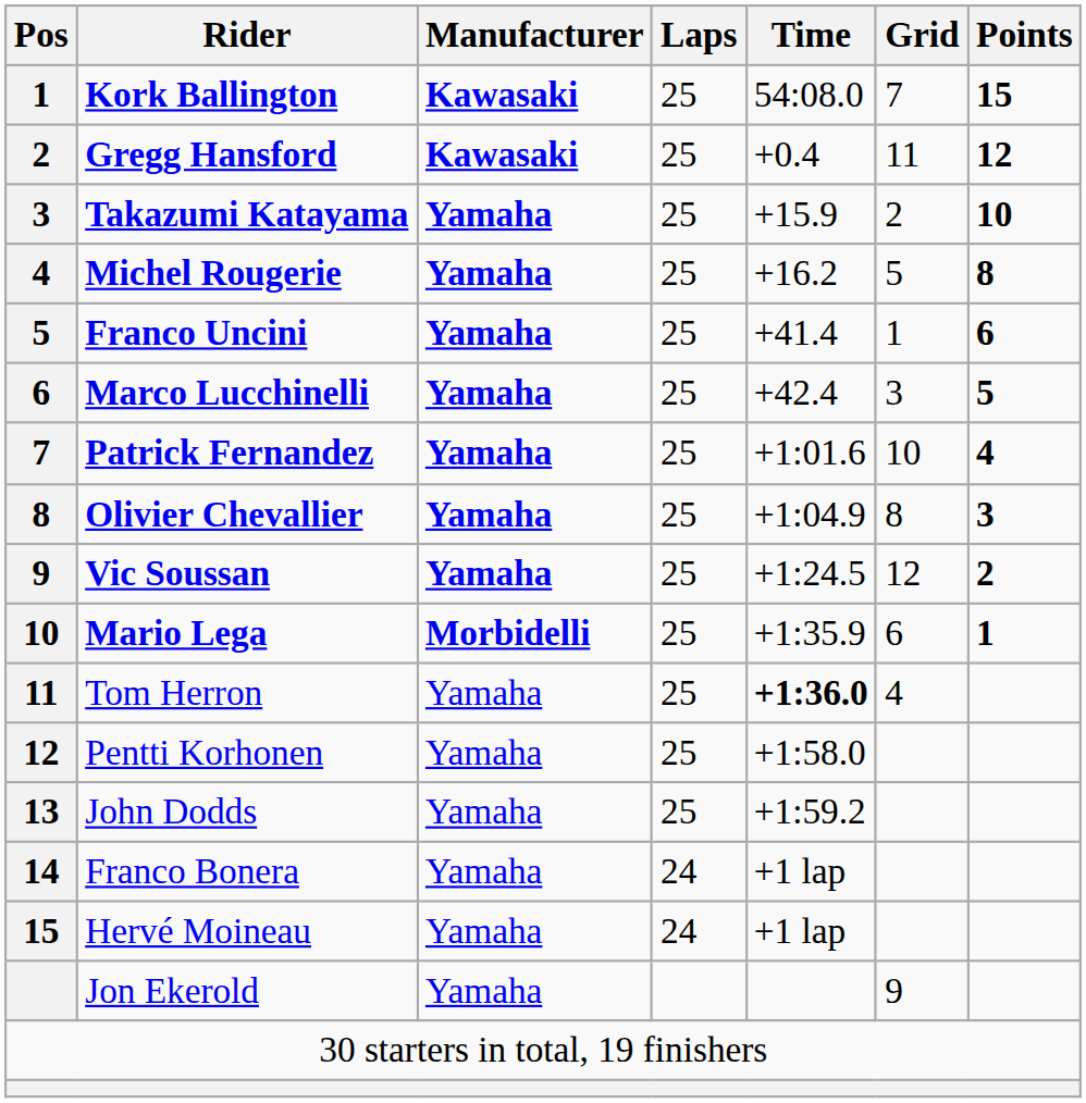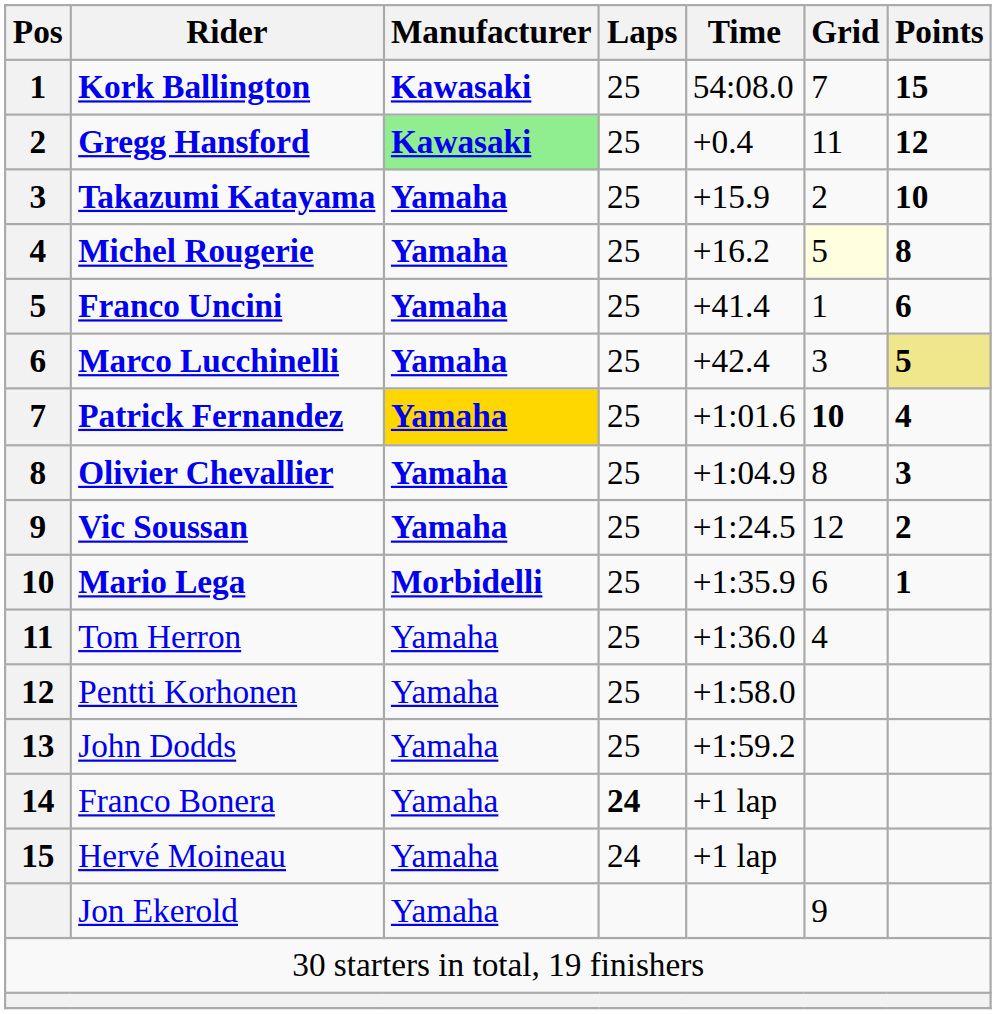 <table class="wikitable" style="font-size: 95%;">
 <tr>
 <th>Pos</th>
 <th>Rider</th>
 <th>Manufacturer</th>
 <th>Laps</th>
 <th>Time</th>
 <th>Grid</th>
 <th>Points</th>
 </tr>
 <tr>
 <th>1</th>
 <td> <strong><a href='#'>Kork Ballington</a></strong></td>
 <td><strong><a href='#'>Kawasaki</a></strong></td>
 <td>25</td>
 <td>54:08.0</td>
 <td>7</td>
 <td><strong>15</strong></td>
 </tr>
 <tr>
 <th>2</th>
 <td> <strong><a href='#'>Gregg Hansford</a></strong></td>
-<td><strong><a href='#'>Kawasaki</a></strong></td>
+<td style="background: lightgreen;"><strong><a href='#'>Kawasaki</a></strong></td>
 <td>25</td>
 <td>+0.4</td>
 <td>11</td>
 <td><strong>12</strong></td>
 </tr>
 <tr>
 <th>3</th>
 <td> <strong><a href='#'>Takazumi Katayama</a></strong></td>
 <td><strong><a href='#'>Yamaha</a></strong></td>
 <td>25</td>
 <td>+15.9</td>
 <td>2</td>
 <td><strong>10</strong></td>
 </tr>
 <tr>
 <th>4</th>
 <td> <strong><a href='#'>Michel Rougerie</a></strong></td>
 <td><strong><a href='#'>Yamaha</a></strong></td>
 <td>25</td>
 <td>+16.2</td>
-<td>5</td>
+<td style="background: lightyellow;">5</td>
 <td><strong>8</strong></td>
 </tr>
 <tr>
 <th>5</th>
 <td> <strong><a href='#'>Franco Uncini</a></strong></td>
 <td><strong><a href='#'>Yamaha</a></strong></td>
 <td>25</td>
 <td>+41.4</td>
 <td>1</td>
 <td><strong>6</strong></td>
 </tr>
 <tr>
 <th>6</th>
 <td> <strong><a href='#'>Marco Lucchinelli</a></strong></td>
 <td><strong><a href='#'>Yamaha</a></strong></td>
 <td>25</td>
 <td>+42.4</td>
 <td>3</td>
-<td><strong>5</strong></td>
+<td style="background: khaki;"><strong>5</strong></td>
 </tr>
 <tr>
 <th>7</th>
 <td> <strong><a href='#'>Patrick Fernandez</a></strong></td>
-<td><strong><a href='#'>Yamaha</a></strong></td>
+<td style="background: gold;"><strong><a href='#'>Yamaha</a></strong></td>
 <td>25</td>
 <td>+1:01.6</td>
-<td>10</td>
+<td><strong>10</strong></td>
 <td><strong>4</strong></td>
 </tr>
 <tr>
 <th>8</th>
 <td> <strong><a href='#'>Olivier Chevallier</a></strong></td>
 <td><strong><a href='#'>Yamaha</a></strong></td>
 <td>25</td>
 <td>+1:04.9</td>
 <td>8</td>
 <td><strong>3</strong></td>
 </tr>
 <tr>
 <th>9</th>
 <td> <strong><a href='#'>Vic Soussan</a></strong></td>
 <td><strong><a href='#'>Yamaha</a></strong></td>
 <td>25</td>
 <td>+1:24.5</td>
 <td>12</td>
 <td><strong>2</strong></td>
 </tr>
 <tr>
 <th>10</th>
 <td> <strong><a href='#'>Mario Lega</a></strong></td>
 <td><strong><a href='#'>Morbidelli</a></strong></td>
 <td>25</td>
 <td>+1:35.9</td>
 <td>6</td>
 <td><strong>1</strong></td>
 </tr>
 <tr>
 <th>11</th>
 <td> <a href='#'>Tom Herron</a></td>
 <td><a href='#'>Yamaha</a></td>
 <td>25</td>
-<td><strong>+1:36.0</strong></td>
+<td>+1:36.0</td>
 <td>4</td>
 <td></td>
 </tr>
 <tr>
 <th>12</th>
 <td> <a href='#'>Pentti Korhonen</a></td>
 <td><a href='#'>Yamaha</a></td>
 <td>25</td>
 <td>+1:58.0</td>
 <td></td>
 <td></td>
 </tr>
 <tr>
 <th>13</th>
 <td> <a href='#'>John Dodds</a></td>
 <td><a href='#'>Yamaha</a></td>
 <td>25</td>
 <td>+1:59.2</td>
 <td></td>
 <td></td>
 </tr>
 <tr>
 <th>14</th>
 <td> <a href='#'>Franco Bonera</a></td>
 <td><a href='#'>Yamaha</a></td>
-<td>24</td>
+<td><strong>24</strong></td>
 <td>+1 lap</td>
 <td></td>
 <td></td>
 </tr>
 <tr>
 <th>15</th>
 <td> <a href='#'>Hervé Moineau</a></td>
 <td><a href='#'>Yamaha</a></td>
 <td>24</td>
 <td>+1 lap</td>
 <td></td>
 <td></td>
 </tr>
 <tr>
 <th></th>
 <td> <a href='#'>Jon Ekerold</a></td>
 <td><a href='#'>Yamaha</a></td>
 <td></td>
 <td></td>
 <td>9</td>
 <td></td>
 </tr>
 <tr>
 <td colspan=8 align=center>30 starters in total, 19 finishers</td>
 </tr>
 <tr>
 <th colspan=8></th>
 </tr>
 </table>
